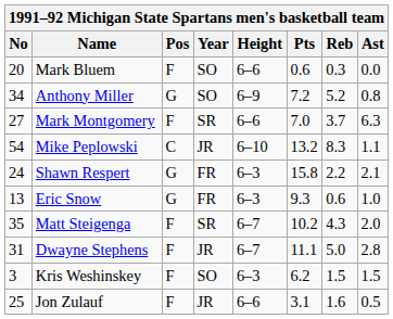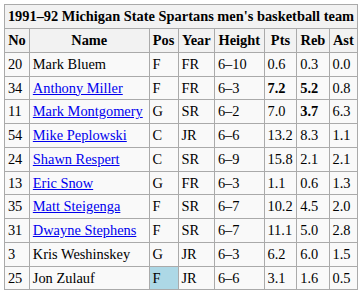 <table class="wikitable sortable" style="font-size: 90%" |->
 <tr>
 <th colspan=9 style=>1991–92 Michigan State Spartans men's basketball team</th>
 </tr>
 <tr>
 <th style="background:#">No</th>
 <th style="background:#">Name</th>
 <th style="background:#">Pos</th>
 <th style="background:#">Year</th>
 <th style="background:#">Height</th>
 <th style="background:#">Pts</th>
 <th style="background:#">Reb</th>
 <th style="background:#">Ast</th>
 </tr>
 <tr>
 <td>20</td>
 <td>Mark Bluem</td>
 <td>F</td>
-<td>SO</td>
-<td>6–6</td>
+<td>FR</td>
+<td>6–10</td>
 <td>0.6</td>
 <td>0.3</td>
 <td>0.0</td>
 </tr>
 <tr>
 <td>34</td>
 <td><a href='#'>Anthony Miller</a></td>
-<td>G</td>
-<td>SO</td>
-<td>6–9</td>
-<td>7.2</td>
-<td>5.2</td>
+<td>F</td>
+<td>FR</td>
+<td>6–3</td>
+<td><strong>7.2</strong></td>
+<td><strong>5.2</strong></td>
 <td>0.8</td>
 </tr>
 <tr>
-<td>27</td>
+<td>11</td>
 <td><a href='#'>Mark Montgomery</a></td>
-<td>F</td>
+<td>G</td>
 <td>SR</td>
-<td>6–6</td>
+<td>6–2</td>
 <td>7.0</td>
-<td>3.7</td>
+<td><strong>3.7</strong></td>
 <td>6.3</td>
 </tr>
 <tr>
 <td>54</td>
 <td><a href='#'>Mike Peplowski</a></td>
 <td>C</td>
 <td>JR</td>
-<td>6–10</td>
+<td>6–6</td>
 <td>13.2</td>
 <td>8.3</td>
 <td>1.1</td>
 </tr>
 <tr>
 <td>24</td>
 <td><a href='#'>Shawn Respert</a></td>
-<td>G</td>
-<td>FR</td>
-<td>6–3</td>
+<td>C</td>
+<td>SR</td>
+<td>6–9</td>
 <td>15.8</td>
-<td>2.2</td>
+<td>2.1</td>
 <td>2.1</td>
 </tr>
 <tr>
 <td>13</td>
 <td><a href='#'>Eric Snow</a></td>
 <td>G</td>
 <td>FR</td>
 <td>6–3</td>
-<td>9.3</td>
+<td>1.1</td>
 <td>0.6</td>
-<td>1.0</td>
+<td>1.3</td>
 </tr>
 <tr>
 <td>35</td>
 <td><a href='#'>Matt Steigenga</a></td>
 <td>F</td>
 <td>SR</td>
 <td>6–7</td>
 <td>10.2</td>
-<td>4.3</td>
+<td>4.5</td>
 <td>2.0</td>
 </tr>
 <tr>
 <td>31</td>
 <td><a href='#'>Dwayne Stephens</a></td>
 <td>F</td>
-<td>JR</td>
+<td>SR</td>
 <td>6–7</td>
 <td>11.1</td>
 <td>5.0</td>
 <td>2.8</td>
 </tr>
 <tr>
 <td>3</td>
 <td>Kris Weshinskey</td>
-<td>F</td>
-<td>SO</td>
+<td>G</td>
+<td>JR</td>
 <td>6–3</td>
 <td>6.2</td>
-<td>1.5</td>
+<td>6.0</td>
 <td>1.5</td>
 </tr>
 <tr>
 <td>25</td>
 <td>Jon Zulauf</td>
-<td>F</td>
+<td style="background: lightblue;">F</td>
 <td>JR</td>
 <td>6–6</td>
 <td>3.1</td>
 <td>1.6</td>
 <td>0.5</td>
 </tr>
 <tr>
 </tr>
 </table>
